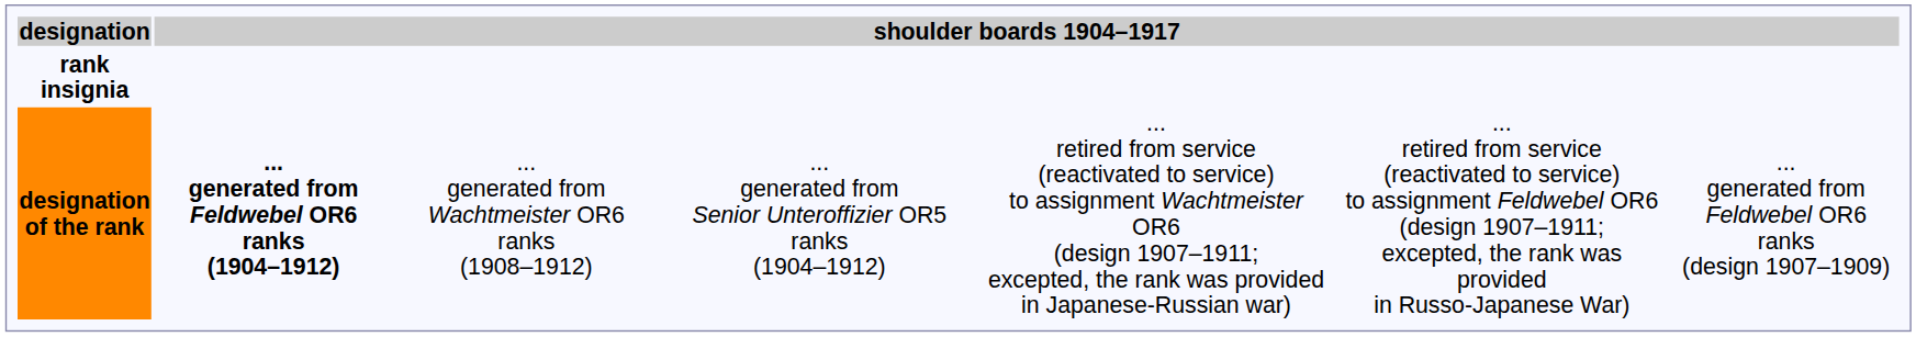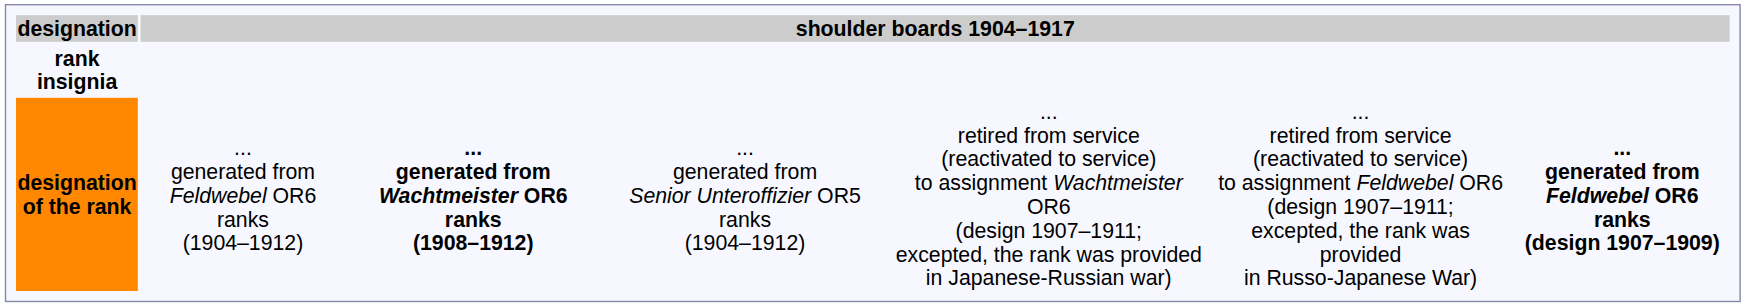 <table style="border:1px solid #8888aa; background-color:#f7f8ff; padding:5px; font-size:95%; margin: 12px 12px 12px 12px;">
 <tr bgcolor="#CCCCCC">
 <th>designation</th>
 <th colspan=8>shoulder boards 1904–1917</th>
 </tr>
 <tr align="center">
 <th>rank<br>insignia</th>
 <td></td>
 <td></td>
 <td></td>
 <td></td>
 <td></td>
 <td></td>
 </tr>
 <tr align="center">
 <th style="background:#ff8800; color:black;" rowspan=1>designation<br>of the rank</th>
-<td><strong>... <br>generated from<br><em>Feldwebel</em> OR6 ranks<br>(1904–1912)</strong></td>
-<td>...<br>generated from<br><em>Wachtmeister</em> OR6 ranks<br>(1908–1912)</td>
+<td>... <br>generated from<br><em>Feldwebel</em> OR6 ranks<br>(1904–1912)</td>
+<td><strong>...<br>generated from<br><em>Wachtmeister</em> OR6 ranks<br>(1908–1912)</strong></td>
 <td>...<br>generated from<br><em>Senior Unteroffizier</em> OR5 ranks<br>(1904–1912)</td>
 <td>...<br>retired from service<br>(reactivated to service)<br>to assignment <em>Wachtmeister</em> OR6<br>(design 1907–1911;<br> excepted, the rank was provided <br>in Japanese-Russian war)</td>
 <td>...<br>retired from service<br>(reactivated to service)<br>to assignment <em>Feldwebel</em> OR6<br>(design 1907–1911;<br> excepted, the rank was provided <br> in Russo-Japanese War)</td>
-<td>...<br> generated from <br><em>Feldwebel</em> OR6 ranks<br>(design 1907–1909)</td>
+<td><strong>...<br> generated from <br><em>Feldwebel</em> OR6 ranks<br>(design 1907–1909)</strong></td>
 </tr>
 </table>
